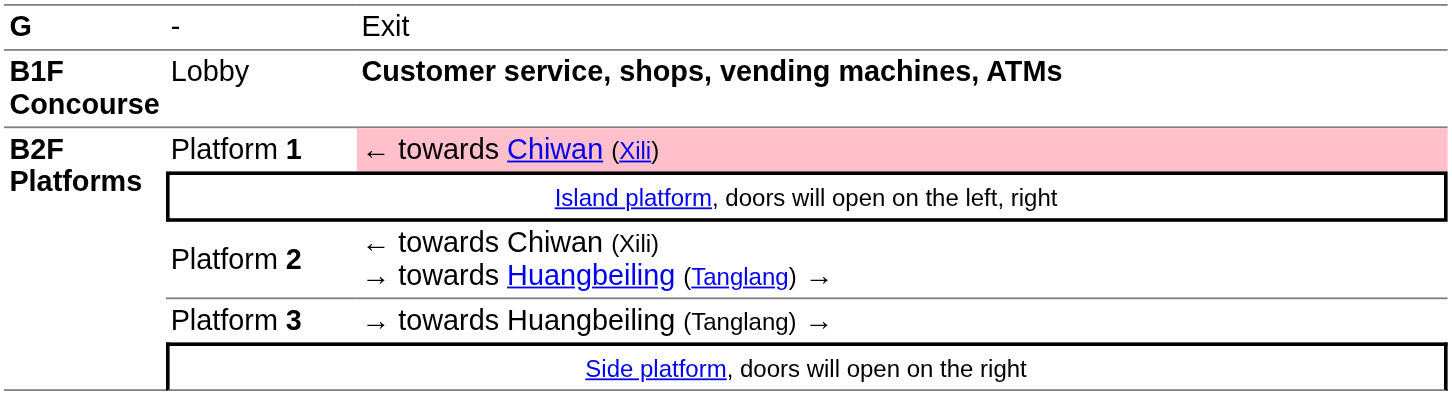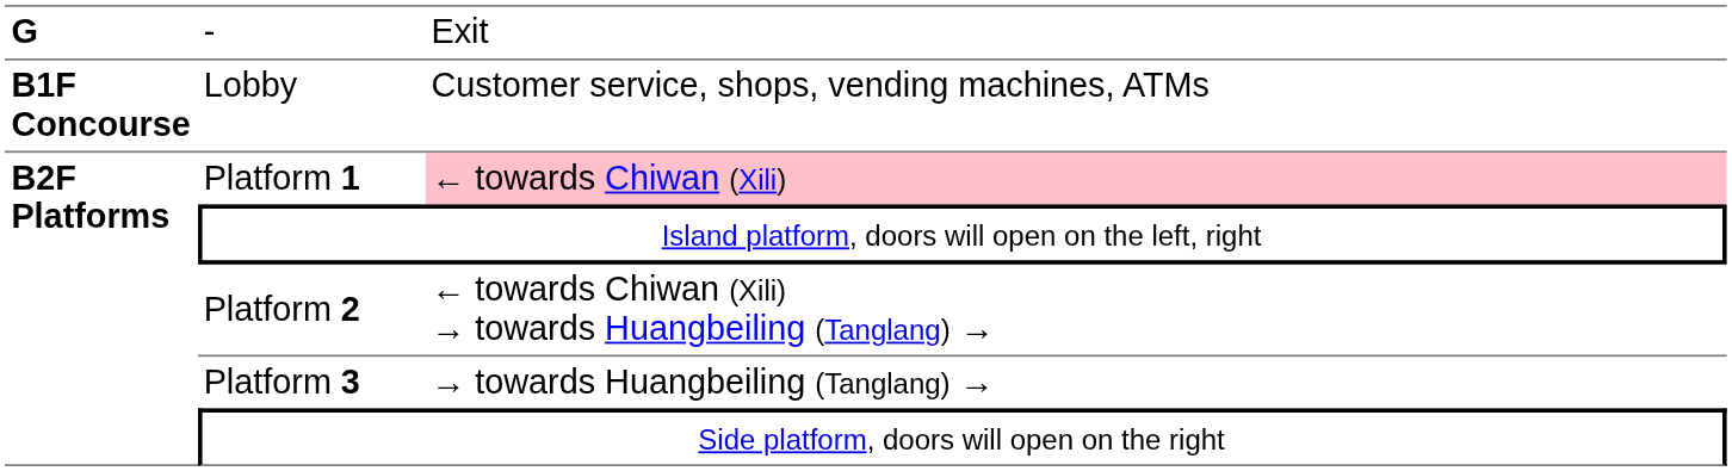 <table table border=0 cellspacing=0 cellpadding=3>
 <tr>
 <td style="border-top:solid 1px gray;" width=50 valign=top><strong>G</strong></td>
 <td style="border-top:solid 1px gray;" width=100 valign=top>-</td>
 <td style="border-top:solid 1px gray;" width=600 valign=top>Exit</td>
 </tr>
 <tr>
 <td style="border-bottom:solid 1px gray; border-top:solid 1px gray;" valign=top width=50><strong>B1F<br>Concourse</strong></td>
 <td style="border-bottom:solid 1px gray; border-top:solid 1px gray;" valign=top width=100>Lobby</td>
-<td style="border-bottom:solid 1px gray; border-top:solid 1px gray;" valign=top width=600><strong>Customer service, shops, vending machines, ATMs</strong></td>
+<td style="border-bottom:solid 1px gray; border-top:solid 1px gray;" valign=top width=600>Customer service, shops, vending machines, ATMs</td>
 </tr>
 <tr>
 <td style="border-bottom:solid 1px gray;" rowspan="5" valign=top><strong>B2F<br>Platforms</strong></td>
 <td>Platform <strong>1</strong></td>
 <td style="background: pink;">←  towards <a href='#'>Chiwan</a> <small>(<a href='#'>Xili</a>)</small></td>
 </tr>
 <tr>
 <td style="border-right:solid 2px black;border-left:solid 2px black;border-top:solid 2px black;border-bottom:solid 2px black;text-align:center;" colspan=2><small><a href='#'>Island platform</a>, doors will open on the left, right</small></td>
 </tr>
 <tr>
 <td>Platform <strong>2</strong></td>
 <td>←  towards Chiwan <small>(Xili)</small><br><span>→</span>  towards <a href='#'>Huangbeiling</a> <small>(<a href='#'>Tanglang</a>)</small> →</td>
 </tr>
 <tr>
 <td style="border-top:solid 1px gray;">Platform <strong>3</strong></td>
 <td style="border-top:solid 1px gray;"><span>→</span>  towards Huangbeiling <small>(Tanglang)</small> →</td>
 </tr>
 <tr>
 <td style="border-right:solid 2px black;border-left:solid 2px black;border-top:solid 2px black;border-bottom:solid 1px gray;text-align:center;" colspan=2><small><a href='#'>Side platform</a>, doors will open on the right</small></td>
 </tr>
 </table>
